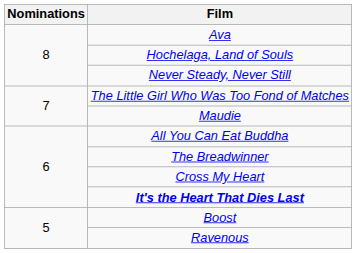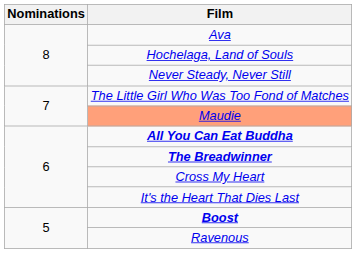 <table class="wikitable" rowspan="2" style="text-align:center">
 <tr>
 <th scope="col">Nominations</th>
 <th scope="col">Film</th>
 </tr>
 <tr>
 <td rowspan=3 style="text-align:center;">8</td>
 <td><em><a href='#'>Ava</a></em></td>
 </tr>
 <tr>
 <td><em><a href='#'>Hochelaga, Land of Souls</a></em></td>
 </tr>
 <tr>
 <td><em><a href='#'>Never Steady, Never Still</a></em></td>
 </tr>
 <tr>
 <td rowspan=2 style="text-align:center;">7</td>
 <td><em><a href='#'>The Little Girl Who Was Too Fond of Matches</a></em></td>
 </tr>
 <tr>
-<td><em><a href='#'>Maudie</a></em></td>
+<td style="background: lightsalmon;"><em><a href='#'>Maudie</a></em></td>
 </tr>
 <tr>
 <td rowspan=4 style="text-align:center;">6</td>
-<td><em><a href='#'>All You Can Eat Buddha</a></em></td>
+<td><strong><em><a href='#'>All You Can Eat Buddha</a></em></strong></td>
 </tr>
 <tr>
-<td><em><a href='#'>The Breadwinner</a></em></td>
+<td><strong><em><a href='#'>The Breadwinner</a></em></strong></td>
 </tr>
 <tr>
 <td><em><a href='#'>Cross My Heart</a></em></td>
 </tr>
 <tr>
-<td><strong><em><a href='#'>It's the Heart That Dies Last</a></em></strong></td>
+<td><em><a href='#'>It's the Heart That Dies Last</a></em></td>
 </tr>
 <tr>
 <td rowspan=2 style="text-align:center;">5</td>
-<td><em><a href='#'>Boost</a></em></td>
+<td><strong><em><a href='#'>Boost</a></em></strong></td>
 </tr>
 <tr>
 <td><em><a href='#'>Ravenous</a></em></td>
 </tr>
 </table>
